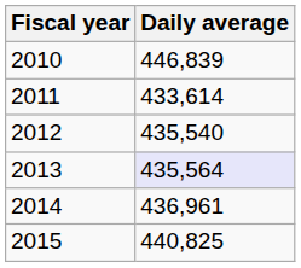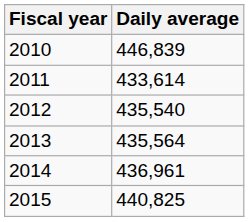 <table class="wikitable">
 <tr>
 <th>Fiscal year</th>
 <th>Daily average</th>
 </tr>
 <tr>
 <td>2010</td>
 <td>446,839</td>
 </tr>
 <tr>
 <td>2011</td>
 <td>433,614</td>
 </tr>
 <tr>
 <td>2012</td>
 <td>435,540</td>
 </tr>
 <tr>
 <td>2013</td>
-<td style="background: lavender;">435,564</td>
+<td>435,564</td>
 </tr>
 <tr>
 <td>2014</td>
 <td>436,961</td>
 </tr>
 <tr>
 <td>2015</td>
 <td>440,825</td>
 </tr>
 </table>
